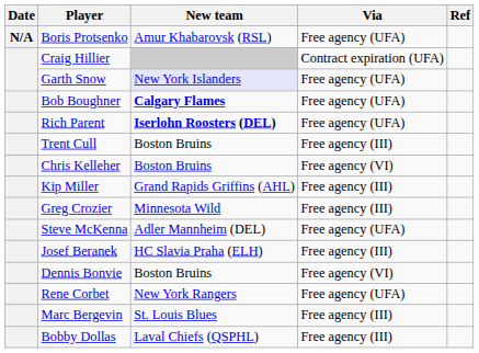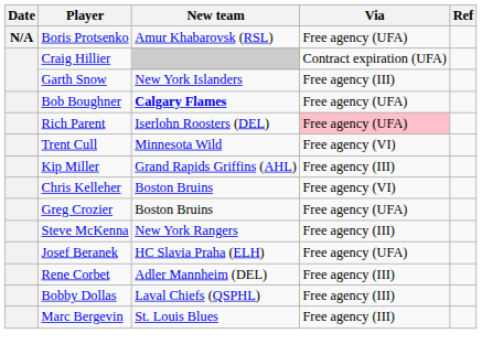 <table class="wikitable plainrowheaders">
 <tr style="background:#ddd; text-align:center;">
 <th>Date</th>
 <th>Player</th>
 <th>New team</th>
 <th>Via</th>
 <th>Ref</th>
 </tr>
 <tr>
 <th scope="row">N/A</th>
 <td><a href='#'>Boris Protsenko</a></td>
 <td><a href='#'>Amur Khabarovsk</a> (<a href='#'>RSL</a>)</td>
 <td>Free agency (UFA)</td>
 <td></td>
 </tr>
 <tr>
 <th scope="row" rowspan=2></th>
 <td><a href='#'>Craig Hillier</a></td>
 <td style="background:#ccc"></td>
 <td>Contract expiration (UFA)</td>
 <td></td>
 </tr>
 <tr>
 <td><a href='#'>Garth Snow</a></td>
-<td style="background: lavender;"><a href='#'>New York Islanders</a></td>
-<td>Free agency (UFA)</td>
+<td><a href='#'>New York Islanders</a></td>
+<td>Free agency (III)</td>
 <td></td>
 </tr>
 <tr>
 <th scope="row"></th>
 <td><a href='#'>Bob Boughner</a></td>
 <td><strong><a href='#'>Calgary Flames</a></strong></td>
 <td>Free agency (UFA)</td>
 <td></td>
 </tr>
 <tr>
 <th scope="row"></th>
 <td><a href='#'>Rich Parent</a></td>
-<td><strong><a href='#'>Iserlohn Roosters</a> (<a href='#'>DEL</a>)</strong></td>
-<td>Free agency (UFA)</td>
+<td><a href='#'>Iserlohn Roosters</a> (<a href='#'>DEL</a>)</td>
+<td style="background: pink;">Free agency (UFA)</td>
 <td></td>
 </tr>
 <tr>
 <th scope="row"></th>
 <td><a href='#'>Trent Cull</a></td>
-<td>Boston Bruins</td>
+<td><a href='#'>Minnesota Wild</a></td>
+<td>Free agency (VI)</td>
+<td></td>
+</tr>
+<tr>
+<th scope="row"></th>
+<td><a href='#'>Kip Miller</a></td>
+<td><a href='#'>Grand Rapids Griffins</a> (<a href='#'>AHL</a>)</td>
 <td>Free agency (III)</td>
 <td></td>
 </tr>
 <tr>
 <th scope="row"></th>
 <td><a href='#'>Chris Kelleher</a></td>
 <td><a href='#'>Boston Bruins</a></td>
 <td>Free agency (VI)</td>
 <td></td>
 </tr>
 <tr>
 <th scope="row"></th>
-<td><a href='#'>Kip Miller</a></td>
-<td><a href='#'>Grand Rapids Griffins</a> (<a href='#'>AHL</a>)</td>
-<td>Free agency (III)</td>
-<td></td>
-</tr>
-<tr>
-<th scope="row"></th>
 <td><a href='#'>Greg Crozier</a></td>
-<td><a href='#'>Minnesota Wild</a></td>
-<td>Free agency (III)</td>
+<td>Boston Bruins</td>
+<td>Free agency (UFA)</td>
 <td></td>
 </tr>
 <tr>
 <th scope="row"></th>
 <td><a href='#'>Steve McKenna</a></td>
-<td><a href='#'>Adler Mannheim</a> (DEL)</td>
-<td>Free agency (UFA)</td>
+<td><a href='#'>New York Rangers</a></td>
+<td>Free agency (III)</td>
 <td></td>
 </tr>
 <tr>
 <th scope="row"></th>
 <td><a href='#'>Josef Beranek</a></td>
 <td><a href='#'>HC Slavia Praha</a> (<a href='#'>ELH</a>)</td>
-<td>Free agency (III)</td>
-<td></td>
-</tr>
-<tr>
-<th scope="row"></th>
-<td><a href='#'>Dennis Bonvie</a></td>
-<td>Boston Bruins</td>
-<td>Free agency (VI)</td>
+<td>Free agency (UFA)</td>
 <td></td>
 </tr>
 <tr>
 <th scope="row"></th>
 <td><a href='#'>Rene Corbet</a></td>
-<td><a href='#'>New York Rangers</a></td>
-<td>Free agency (UFA)</td>
-<td></td>
-</tr>
-<tr>
-<th scope="row"></th>
-<td><a href='#'>Marc Bergevin</a></td>
-<td><a href='#'>St. Louis Blues</a></td>
+<td><a href='#'>Adler Mannheim</a> (DEL)</td>
 <td>Free agency (III)</td>
 <td></td>
 </tr>
 <tr>
 <th scope="row"></th>
 <td><a href='#'>Bobby Dollas</a></td>
 <td><a href='#'>Laval Chiefs</a> (<a href='#'>QSPHL</a>)</td>
 <td>Free agency (III)</td>
 <td></td>
 </tr>
+<tr>
+<th scope="row"></th>
+<td><a href='#'>Marc Bergevin</a></td>
+<td><a href='#'>St. Louis Blues</a></td>
+<td>Free agency (III)</td>
+<td></td>
+</tr>
 </table>
